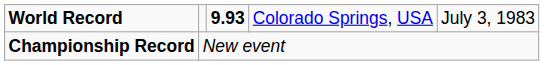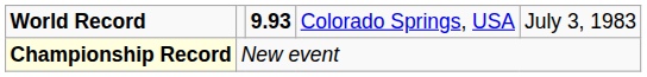 <table class="wikitable">
 <tr>
 <td><strong>World Record</strong></td>
 <td></td>
 <td><strong>9.93</strong></td>
 <td><a href='#'>Colorado Springs</a>, <a href='#'>USA</a></td>
 <td>July 3, 1983</td>
 </tr>
 <tr>
-<td><strong>Championship Record</strong></td>
+<td style="background: lightyellow;"><strong>Championship Record</strong></td>
 <td colspan="4"><em>New event</em></td>
 </tr>
 </table>
